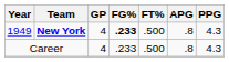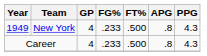 <table class="wikitable sortable" style="font-size:95%; text-align:right;">
 <tr>
 <th>Year</th>
 <th>Team</th>
 <th>GP</th>
 <th>FG%</th>
 <th>FT%</th>
 <th>APG</th>
 <th>PPG</th>
 </tr>
 <tr>
 <td style="text-align:left;"><a href='#'>1949</a></td>
-<td style="text-align:left;"><strong><a href='#'>New York</a></strong></td>
+<td style="text-align:left;"><a href='#'>New York</a></td>
 <td>4</td>
-<td><strong>.233</strong></td>
+<td>.233</td>
 <td>.500</td>
 <td>.8</td>
 <td>4.3</td>
 </tr>
 <tr>
 <td style="text-align:center;" colspan="2">Career</td>
 <td>4</td>
 <td>.233</td>
 <td>.500</td>
 <td>.8</td>
 <td>4.3</td>
 </tr>
 <tr>
 </tr>
 </table>
